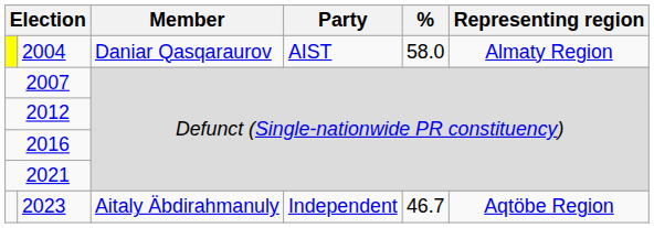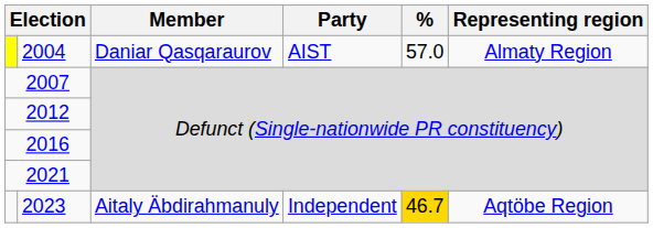 <table class="wikitable">
 <tr>
 <th colspan="2">Election</th>
 <th>Member</th>
 <th>Party</th>
 <th>%</th>
 <th>Representing region</th>
 </tr>
 <tr>
 <td style="background-color:#ffff03"></td>
 <td><a href='#'>2004</a></td>
 <td><a href='#'>Daniar Qasqaraurov</a></td>
 <td><a href='#'>AIST</a></td>
-<td align="right">58.0</td>
+<td align="right">57.0</td>
 <td align="center"><a href='#'>Almaty Region</a></td>
 </tr>
 <tr>
 <td colspan="2" align="center"><a href='#'>2007</a></td>
 <td colspan="4" rowspan="4" align="center" style="background-color:#DCDCDC"><em>Defunct (<a href='#'>Single-nationwide PR constituency</a>)</em></td>
 </tr>
 <tr>
 <td colspan="2" align="center"><a href='#'>2012</a></td>
 </tr>
 <tr>
 <td colspan="2" align="center"><a href='#'>2016</a></td>
 </tr>
 <tr>
 <td colspan="2" align="center"><a href='#'>2021</a></td>
 </tr>
 <tr>
 <td style="background-color: "></td>
 <td><a href='#'>2023</a></td>
 <td><a href='#'>Aitaly Äbdirahmanuly</a></td>
 <td><a href='#'>Independent</a></td>
-<td align="right">46.7</td>
+<td align="right" style="background: gold;">46.7</td>
 <td align="center"><a href='#'>Aqtöbe Region</a></td>
 </tr>
 </table>
